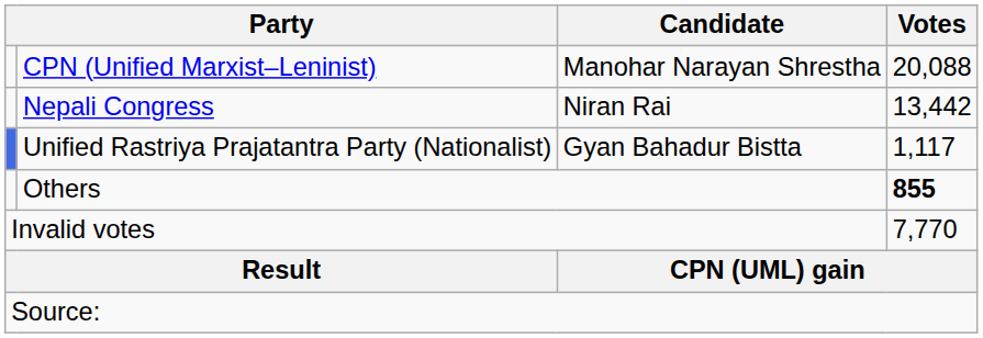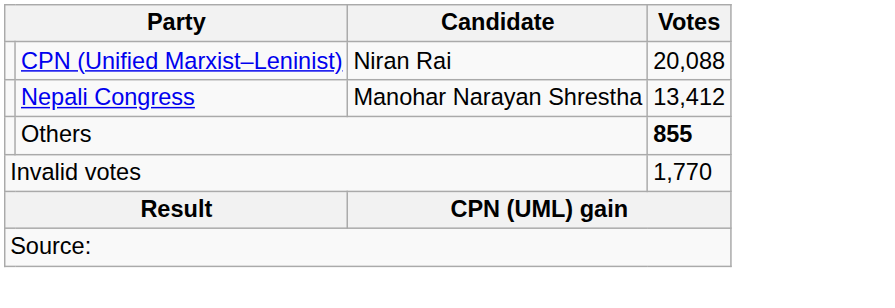 <table class="wikitable">
 <tr>
 <th colspan="2">Party</th>
 <th>Candidate</th>
 <th>Votes</th>
 </tr>
 <tr>
 <td style="background-color:"></td>
 <td><a href='#'>CPN (Unified Marxist–Leninist)</a></td>
-<td>Manohar Narayan Shrestha</td>
+<td>Niran Rai</td>
 <td>20,088</td>
 </tr>
 <tr>
 <td style="background-color:"></td>
 <td><a href='#'>Nepali Congress</a></td>
-<td>Niran Rai</td>
-<td>13,442</td>
-</tr>
-<tr>
-<td style="background-color:royalblue"></td>
-<td>Unified Rastriya Prajatantra Party (Nationalist)</td>
-<td>Gyan Bahadur Bistta</td>
-<td>1,117</td>
+<td>Manohar Narayan Shrestha</td>
+<td>13,412</td>
 </tr>
 <tr>
 <td></td>
 <td colspan="2">Others</td>
 <td><strong>855</strong></td>
 </tr>
 <tr>
 <td colspan="3">Invalid votes</td>
-<td>7,770</td>
+<td>1,770</td>
 </tr>
 <tr>
 <th colspan="2">Result</th>
 <th colspan="2">CPN (UML) gain</th>
 </tr>
 <tr>
 <td colspan="4">Source: </td>
 </tr>
 </table>
